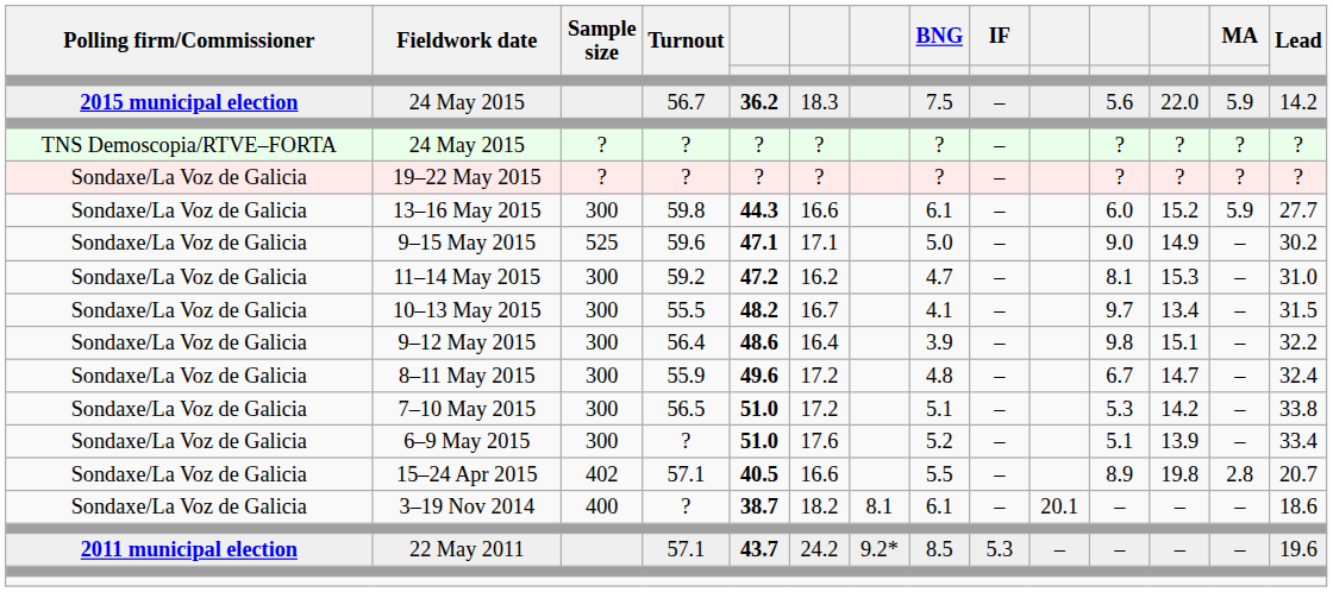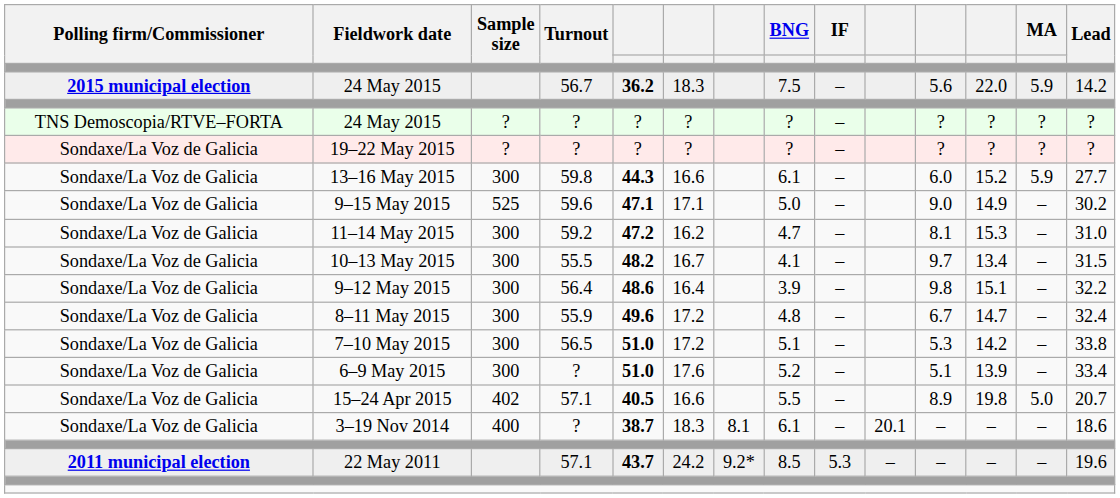 <table class="wikitable collapsible collapsed" style="text-align:center; font-size:95%; line-height:16px;">
 <tr style="height:42px;">
 <th style="width:250px;" rowspan="2">Polling firm/Commissioner</th>
 <th style="width:125px;" rowspan="2">Fieldwork date</th>
 <th style="width:50px;" rowspan="2">Sample size</th>
 <th style="width:45px;" rowspan="2">Turnout</th>
 <th style="width:35px;"></th>
 <th style="width:35px;"></th>
 <th style="width:35px;"></th>
 <th style="width:35px;"><a href='#'>BNG</a></th>
 <th style="width:35px;">IF</th>
 <th style="width:35px;"></th>
 <th style="width:35px;"></th>
 <th style="width:35px;"></th>
 <th style="width:35px;">MA</th>
 <th style="width:30px;" rowspan="2">Lead</th>
 </tr>
 <tr>
 <th style="color:inherit;background:"></th>
 <th style="color:inherit;background:"></th>
 <th style="color:inherit;background:"></th>
 <th style="color:inherit;background:"></th>
 <th style="color:inherit;background:"></th>
 <th style="color:inherit;background:"></th>
 <th style="color:inherit;background:"></th>
 <th style="color:inherit;background:"></th>
 <th style="color:inherit;background:"></th>
 </tr>
 <tr>
 <td colspan="14" style="background:#A0A0A0"></td>
 </tr>
 <tr style="background:#EFEFEF;">
 <td><strong><a href='#'>2015 municipal election</a></strong></td>
 <td>24 May 2015</td>
 <td></td>
 <td>56.7</td>
 <td><strong>36.2</strong><br></td>
 <td>18.3<br></td>
 <td></td>
 <td>7.5<br></td>
 <td>–</td>
 <td></td>
 <td>5.6<br></td>
 <td>22.0<br></td>
 <td>5.9<br></td>
 <td style="background:">14.2</td>
 </tr>
 <tr>
 <td colspan="14" style="background:#A0A0A0"></td>
 </tr>
 <tr style="background:#EAFFEA;">
 <td>TNS Demoscopia/RTVE–FORTA</td>
 <td>24 May 2015</td>
 <td>?</td>
 <td>?</td>
 <td>?<br></td>
 <td>?<br></td>
 <td></td>
 <td>?<br></td>
 <td>–</td>
 <td></td>
 <td>?<br></td>
 <td>?<br></td>
 <td>?<br></td>
 <td style="background:">?</td>
 </tr>
 <tr style="background:#FFEAEA;">
 <td>Sondaxe/La Voz de Galicia</td>
 <td>19–22 May 2015</td>
 <td>?</td>
 <td>?</td>
 <td>?<br></td>
 <td>?<br></td>
 <td></td>
 <td>?<br></td>
 <td>–</td>
 <td></td>
 <td>?<br></td>
 <td>?<br></td>
 <td>?<br></td>
 <td style="background:">?</td>
 </tr>
 <tr>
 <td>Sondaxe/La Voz de Galicia</td>
 <td>13–16 May 2015</td>
 <td>300</td>
 <td>59.8</td>
 <td><strong>44.3</strong><br></td>
 <td>16.6<br></td>
 <td></td>
 <td>6.1<br></td>
 <td>–</td>
 <td></td>
 <td>6.0<br></td>
 <td>15.2<br></td>
 <td>5.9<br></td>
 <td style="background:">27.7</td>
 </tr>
 <tr>
 <td>Sondaxe/La Voz de Galicia</td>
 <td>9–15 May 2015</td>
 <td>525</td>
 <td>59.6</td>
 <td><strong>47.1</strong><br></td>
 <td>17.1<br></td>
 <td></td>
 <td>5.0<br></td>
 <td>–</td>
 <td></td>
 <td>9.0<br></td>
 <td>14.9<br></td>
 <td>–</td>
 <td style="background:">30.2</td>
 </tr>
 <tr>
 <td>Sondaxe/La Voz de Galicia</td>
 <td>11–14 May 2015</td>
 <td>300</td>
 <td>59.2</td>
 <td><strong>47.2</strong><br></td>
 <td>16.2<br></td>
 <td></td>
 <td>4.7<br></td>
 <td>–</td>
 <td></td>
 <td>8.1<br></td>
 <td>15.3<br></td>
 <td>–</td>
 <td style="background:">31.0</td>
 </tr>
 <tr>
 <td>Sondaxe/La Voz de Galicia</td>
 <td>10–13 May 2015</td>
 <td>300</td>
 <td>55.5</td>
 <td><strong>48.2</strong><br></td>
 <td>16.7<br></td>
 <td></td>
 <td>4.1<br></td>
 <td>–</td>
 <td></td>
 <td>9.7<br></td>
 <td>13.4<br></td>
 <td>–</td>
 <td style="background:">31.5</td>
 </tr>
 <tr>
 <td>Sondaxe/La Voz de Galicia</td>
 <td>9–12 May 2015</td>
 <td>300</td>
 <td>56.4</td>
 <td><strong>48.6</strong><br></td>
 <td>16.4<br></td>
 <td></td>
 <td>3.9<br></td>
 <td>–</td>
 <td></td>
 <td>9.8<br></td>
 <td>15.1<br></td>
 <td>–</td>
 <td style="background:">32.2</td>
 </tr>
 <tr>
 <td>Sondaxe/La Voz de Galicia</td>
 <td>8–11 May 2015</td>
 <td>300</td>
 <td>55.9</td>
 <td><strong>49.6</strong><br></td>
 <td>17.2<br></td>
 <td></td>
 <td>4.8<br></td>
 <td>–</td>
 <td></td>
 <td>6.7<br></td>
 <td>14.7<br></td>
 <td>–</td>
 <td style="background:">32.4</td>
 </tr>
 <tr>
 <td>Sondaxe/La Voz de Galicia</td>
 <td>7–10 May 2015</td>
 <td>300</td>
 <td>56.5</td>
 <td><strong>51.0</strong><br></td>
 <td>17.2<br></td>
 <td></td>
 <td>5.1<br></td>
 <td>–</td>
 <td></td>
 <td>5.3<br></td>
 <td>14.2<br></td>
 <td>–</td>
 <td style="background:">33.8</td>
 </tr>
 <tr>
 <td>Sondaxe/La Voz de Galicia</td>
 <td>6–9 May 2015</td>
 <td>300</td>
 <td>?</td>
 <td><strong>51.0</strong><br></td>
 <td>17.6<br></td>
 <td></td>
 <td>5.2<br></td>
 <td>–</td>
 <td></td>
 <td>5.1<br></td>
 <td>13.9<br></td>
 <td>–</td>
 <td style="background:">33.4</td>
 </tr>
 <tr>
 <td>Sondaxe/La Voz de Galicia</td>
 <td>15–24 Apr 2015</td>
 <td>402</td>
 <td>57.1</td>
 <td><strong>40.5</strong><br></td>
 <td>16.6<br></td>
 <td></td>
 <td>5.5<br></td>
 <td>–</td>
 <td></td>
 <td>8.9<br></td>
 <td>19.8<br></td>
-<td>2.8<br></td>
+<td>5.0<br></td>
 <td style="background:">20.7</td>
 </tr>
 <tr>
 <td>Sondaxe/La Voz de Galicia</td>
 <td>3–19 Nov 2014</td>
 <td>400</td>
 <td>?</td>
 <td><strong>38.7</strong><br></td>
-<td>18.2<br></td>
+<td>18.3<br></td>
 <td>8.1<br></td>
 <td>6.1<br></td>
 <td>–</td>
 <td>20.1<br></td>
 <td>–</td>
 <td>–</td>
 <td>–</td>
 <td style="background:">18.6</td>
 </tr>
 <tr>
 <td colspan="14" style="background:#A0A0A0"></td>
 </tr>
 <tr style="background:#EFEFEF;">
 <td><strong><a href='#'>2011 municipal election</a></strong></td>
 <td>22 May 2011</td>
 <td></td>
 <td>57.1</td>
 <td><strong>43.7</strong><br></td>
 <td>24.2<br></td>
 <td>9.2*<br></td>
 <td>8.5<br></td>
 <td>5.3<br></td>
 <td>–</td>
 <td>–</td>
 <td>–</td>
 <td>–</td>
 <td style="background:">19.6</td>
 </tr>
 <tr>
 <td colspan="14" style="background:#A0A0A0"></td>
 </tr>
 <tr>
 <td align="left" colspan="14"></td>
 </tr>
 </table>
